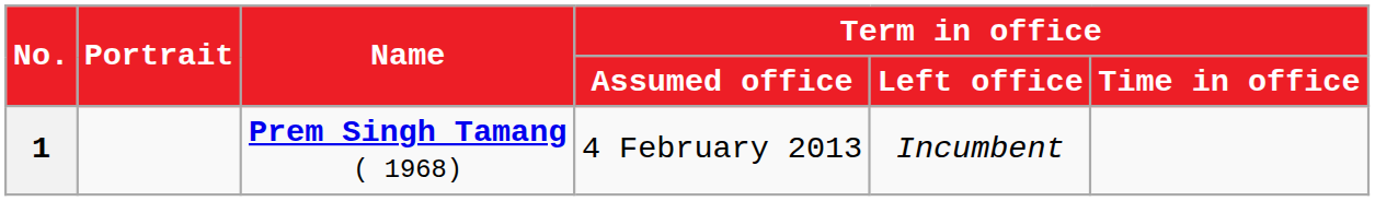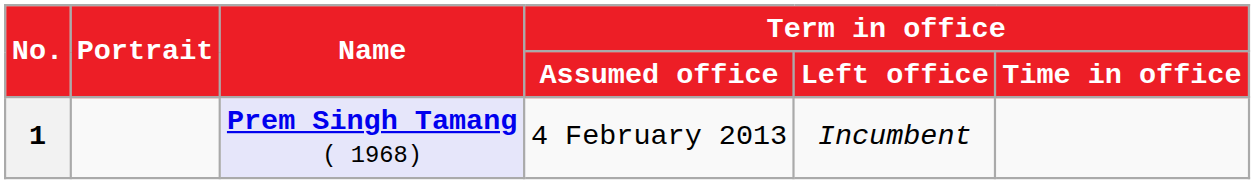 <table class="wikitable sortable" style="text-align:center;">
 <tr>
 <th rowspan=2 style="background-color:#ED1E26;color:white">No.</th>
 <th rowspan=2 style="background-color:#ED1E26;color:white">Portrait</th>
 <th rowspan=2 style="background-color:#ED1E26;color:white">Name<br></th>
 <th colspan=3 style="background-color:#ED1E26;color:white">Term in office</th>
 </tr>
 <tr>
 <th style="background-color:#ED1E26;color:white">Assumed office</th>
 <th style="background-color:#ED1E26;color:white">Left office</th>
 <th style="background-color:#ED1E26;color:white">Time in office</th>
 </tr>
 <tr>
 <th>1</th>
 <td></td>
-<td><strong><a href='#'>Prem Singh Tamang</a></strong><br><small>( 1968)</small></td>
+<td style="background: lavender;"><strong><a href='#'>Prem Singh Tamang</a></strong><br><small>( 1968)</small></td>
 <td>4 February 2013</td>
 <td><em>Incumbent</em></td>
 <td></td>
 </tr>
 </table>
